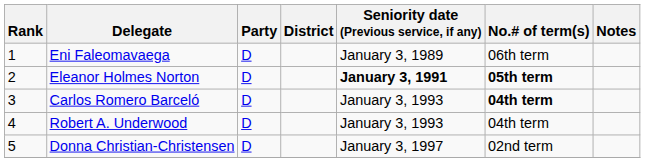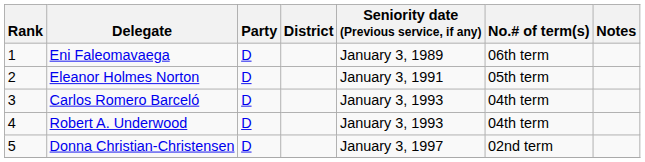 <table class="wikitable sortable">
 <tr valign=bottom>
 <th>Rank</th>
 <th>Delegate</th>
 <th>Party</th>
 <th>District</th>
 <th>Seniority date<br><small>(Previous service, if any)</small><br></th>
 <th>No.# of term(s)</th>
 <th>Notes</th>
 </tr>
 <tr>
 <td>1</td>
 <td><a href='#'>Eni Faleomavaega</a></td>
 <td><a href='#'>D</a></td>
 <td></td>
 <td>January 3, 1989</td>
 <td>06th term</td>
 <td></td>
 </tr>
 <tr>
 <td>2</td>
 <td><a href='#'>Eleanor Holmes Norton</a></td>
 <td><a href='#'>D</a></td>
 <td></td>
-<td><strong>January 3, 1991</strong></td>
-<td><strong>05th term</strong></td>
+<td>January 3, 1991</td>
+<td>05th term</td>
 <td></td>
 </tr>
 <tr>
 <td>3</td>
 <td><a href='#'>Carlos Romero Barceló</a></td>
 <td><a href='#'>D</a></td>
 <td></td>
 <td>January 3, 1993</td>
-<td><strong>04th term</strong></td>
+<td>04th term</td>
 <td></td>
 </tr>
 <tr>
 <td>4</td>
 <td><a href='#'>Robert A. Underwood</a></td>
 <td><a href='#'>D</a></td>
 <td></td>
 <td>January 3, 1993</td>
 <td>04th term</td>
 <td></td>
 </tr>
 <tr>
 <td>5</td>
 <td><a href='#'>Donna Christian-Christensen</a></td>
 <td><a href='#'>D</a></td>
 <td></td>
 <td>January 3, 1997</td>
 <td>02nd term</td>
 <td></td>
 </tr>
 <tr>
 </tr>
 </table>
